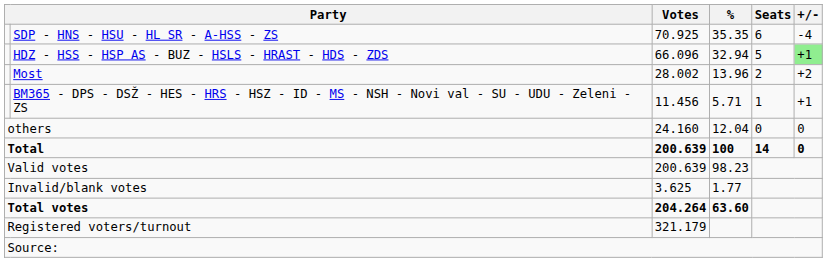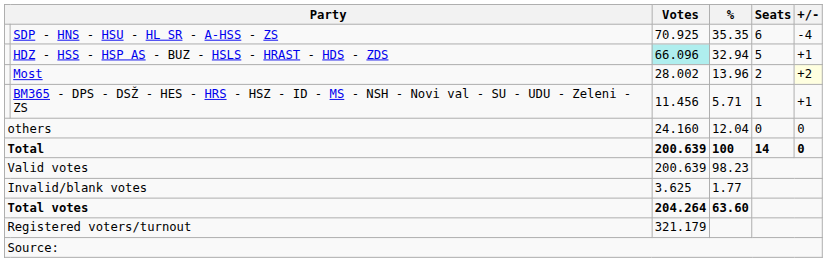 <table class="wikitable" style="text-align: left;">
 <tr>
 <th colspan="2">Party</th>
 <th>Votes</th>
 <th>%</th>
 <th>Seats</th>
 <th>+/-</th>
 </tr>
 <tr>
 <td style="background-color: "></td>
 <td><a href='#'>SDP</a> - <a href='#'>HNS</a> - <a href='#'>HSU</a> - <a href='#'>HL SR</a> - <a href='#'>A-HSS</a> - <a href='#'>ZS</a></td>
 <td>70.925</td>
 <td>35.35</td>
 <td>6</td>
 <td>-4</td>
 </tr>
 <tr>
 <td style="background-color: "></td>
 <td><a href='#'>HDZ</a> - <a href='#'>HSS</a> - <a href='#'>HSP AS</a> - BUZ - <a href='#'>HSLS</a> - <a href='#'>HRAST</a> - <a href='#'>HDS</a> - <a href='#'>ZDS</a></td>
-<td>66.096</td>
+<td style="background: paleturquoise;">66.096</td>
 <td>32.94</td>
 <td>5</td>
-<td style="background: lightgreen;">+1</td>
+<td>+1</td>
 </tr>
 <tr>
 <td style="background-color: "></td>
 <td><a href='#'>Most</a></td>
 <td>28.002</td>
 <td>13.96</td>
 <td>2</td>
-<td>+2</td>
+<td style="background: lightyellow;">+2</td>
 </tr>
 <tr>
 <td style="background-color: "></td>
 <td><a href='#'>BM365</a> - DPS - DSŽ - HES - <a href='#'>HRS</a> - HSZ - ID - <a href='#'>MS</a> - NSH - Novi val - SU - UDU - Zeleni - ZS</td>
 <td>11.456</td>
 <td>5.71</td>
 <td>1</td>
 <td>+1</td>
 </tr>
 <tr>
 <td colspan="2">others</td>
 <td>24.160</td>
 <td>12.04</td>
 <td>0</td>
 <td>0</td>
 </tr>
 <tr>
 <td colspan="2"><strong>Total</strong></td>
 <td><strong>200.639</strong></td>
 <td><strong>100</strong></td>
 <td><strong>14</strong></td>
 <td><strong>0</strong></td>
 </tr>
 <tr>
 <td colspan="2">Valid votes</td>
 <td>200.639</td>
 <td>98.23</td>
 <td colspan="2"></td>
 </tr>
 <tr>
 <td colspan="2">Invalid/blank votes</td>
 <td>3.625</td>
 <td>1.77</td>
 <td colspan="2"></td>
 </tr>
 <tr>
 <td colspan="2"><strong>Total votes</strong></td>
 <td><strong>204.264</strong></td>
 <td><strong>63.60</strong></td>
 <td colspan="2"></td>
 </tr>
 <tr>
 <td colspan="2">Registered voters/turnout</td>
 <td votes14="5343">321.179</td>
 <td></td>
 <td colspan="2"></td>
 </tr>
 <tr>
 <td colspan="6">Source: </td>
 </tr>
 </table>
